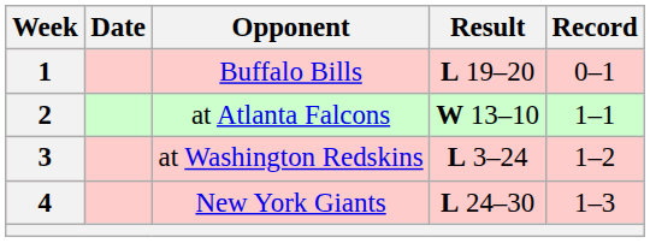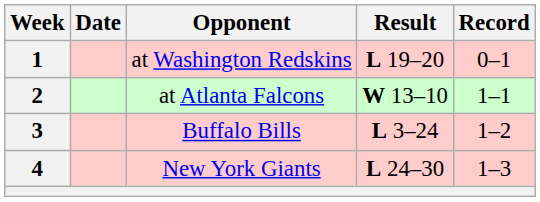 <table class="wikitable" style="text-align:center">
 <tr>
 <th>Week</th>
 <th>Date</th>
 <th>Opponent</th>
 <th>Result</th>
 <th>Record</th>
 </tr>
 <tr style="background:#fcc">
 <th>1</th>
 <td></td>
-<td><a href='#'>Buffalo Bills</a></td>
+<td>at <a href='#'>Washington Redskins</a></td>
 <td><strong>L</strong> 19–20</td>
 <td>0–1</td>
 </tr>
 <tr style="background:#cfc">
 <th>2</th>
 <td></td>
 <td>at <a href='#'>Atlanta Falcons</a></td>
 <td><strong>W</strong> 13–10</td>
 <td>1–1</td>
 </tr>
 <tr style="background:#fcc">
 <th>3</th>
 <td></td>
-<td>at <a href='#'>Washington Redskins</a></td>
+<td><a href='#'>Buffalo Bills</a></td>
 <td><strong>L</strong> 3–24</td>
 <td>1–2</td>
 </tr>
 <tr style="background:#fcc">
 <th>4</th>
 <td></td>
 <td><a href='#'>New York Giants</a></td>
 <td><strong>L</strong> 24–30</td>
 <td>1–3</td>
 </tr>
 <tr>
 <th colspan="5"></th>
 </tr>
 </table>
